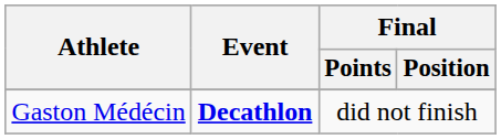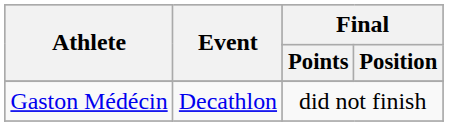 <table class=wikitable style="font-size:90%">
 <tr>
 <th rowspan=2>Athlete</th>
 <th rowspan=2>Event</th>
 <th colspan=2>Final</th>
 </tr>
 <tr style="font-size:95%">
 <th>Points</th>
 <th>Position</th>
 </tr>
 <tr align=center>
 </tr>
 <tr align=center>
 <td align=left><a href='#'>Gaston Médécin</a></td>
-<td align=left><strong><a href='#'>Decathlon</a></strong></td>
+<td align=left><a href='#'>Decathlon</a></td>
 <td colspan=2>did not finish</td>
 </tr>
 </table>
